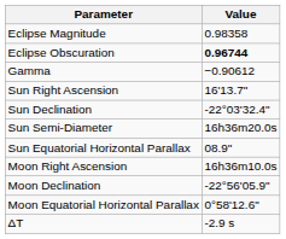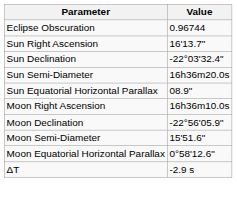 <table class="wikitable">
 <tr>
 <th>Parameter</th>
 <th>Value</th>
 </tr>
 <tr>
-<td>Eclipse Magnitude</td>
-<td>0.98358</td>
-</tr>
-<tr>
 <td>Eclipse Obscuration</td>
-<td><strong>0.96744</strong></td>
-</tr>
-<tr>
-<td>Gamma</td>
-<td>−0.90612</td>
+<td>0.96744</td>
 </tr>
 <tr>
 <td>Sun Right Ascension</td>
 <td>16'13.7"</td>
 </tr>
 <tr>
 <td>Sun Declination</td>
 <td>-22°03'32.4"</td>
 </tr>
 <tr>
 <td>Sun Semi-Diameter</td>
 <td>16h36m20.0s</td>
 </tr>
 <tr>
 <td>Sun Equatorial Horizontal Parallax</td>
 <td>08.9"</td>
 </tr>
 <tr>
 <td>Moon Right Ascension</td>
 <td>16h36m10.0s</td>
 </tr>
 <tr>
 <td>Moon Declination</td>
 <td>-22°56'05.9"</td>
 </tr>
 <tr>
+<td>Moon Semi-Diameter</td>
+<td>15'51.6"</td>
+</tr>
+<tr>
 <td>Moon Equatorial Horizontal Parallax</td>
 <td>0°58'12.6"</td>
 </tr>
 <tr>
 <td>ΔT</td>
 <td>-2.9 s</td>
 </tr>
 </table>
